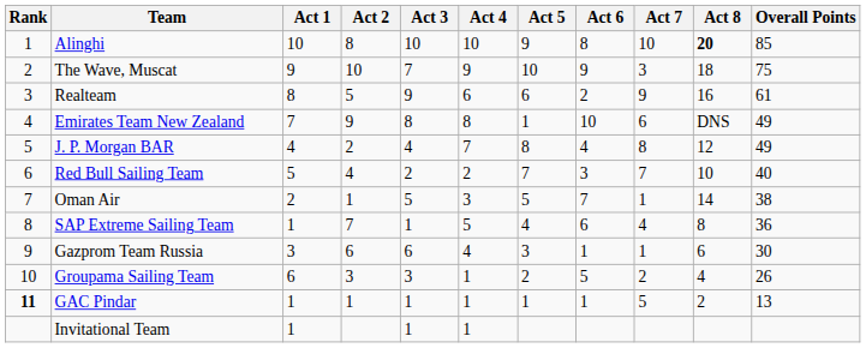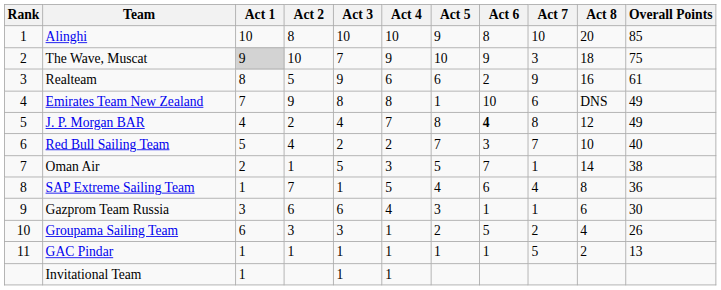 <table class="wikitable">
 <tr>
 <th>Rank</th>
 <th width=220>Team</th>
 <th width=50>Act 1</th>
 <th width=50>Act 2</th>
 <th width=50>Act 3</th>
 <th width=50>Act 4</th>
 <th width=50>Act 5</th>
 <th width=50>Act 6</th>
 <th width=50>Act 7</th>
 <th width=50>Act 8</th>
 <th>Overall Points</th>
 </tr>
 <tr>
 <td align="center">1</td>
 <td> <a href='#'>Alinghi</a></td>
 <td>10</td>
 <td>8</td>
 <td>10</td>
 <td>10</td>
 <td>9</td>
 <td>8</td>
 <td>10</td>
-<td><strong>20</strong></td>
+<td>20</td>
 <td>85</td>
 </tr>
 <tr>
 <td align="center">2</td>
 <td> The Wave, Muscat</td>
-<td>9</td>
+<td style="background: lightgrey;">9</td>
 <td>10</td>
 <td>7</td>
 <td>9</td>
 <td>10</td>
 <td>9</td>
 <td>3</td>
 <td>18</td>
 <td>75</td>
 </tr>
 <tr>
 <td align="center">3</td>
 <td> Realteam</td>
 <td>8</td>
 <td>5</td>
 <td>9</td>
 <td>6</td>
 <td>6</td>
 <td>2</td>
 <td>9</td>
 <td>16</td>
 <td>61</td>
 </tr>
 <tr>
 <td align="center">4</td>
 <td> <a href='#'>Emirates Team New Zealand</a></td>
 <td>7</td>
 <td>9</td>
 <td>8</td>
 <td>8</td>
 <td>1</td>
 <td>10</td>
 <td>6</td>
 <td>DNS</td>
 <td>49</td>
 </tr>
 <tr>
 <td align="center">5</td>
 <td> <a href='#'>J. P. Morgan BAR</a></td>
 <td>4</td>
 <td>2</td>
 <td>4</td>
 <td>7</td>
 <td>8</td>
-<td>4</td>
+<td><strong>4</strong></td>
 <td>8</td>
 <td>12</td>
 <td>49</td>
 </tr>
 <tr>
 <td align="center">6</td>
 <td> <a href='#'>Red Bull Sailing Team</a></td>
 <td>5</td>
 <td>4</td>
 <td>2</td>
 <td>2</td>
 <td>7</td>
 <td>3</td>
 <td>7</td>
 <td>10</td>
 <td>40</td>
 </tr>
 <tr>
 <td align="center">7</td>
 <td> Oman Air</td>
 <td>2</td>
 <td>1</td>
 <td>5</td>
 <td>3</td>
 <td>5</td>
 <td>7</td>
 <td>1</td>
 <td>14</td>
 <td>38</td>
 </tr>
 <tr>
 <td align="center">8</td>
 <td> <a href='#'>SAP Extreme Sailing Team</a></td>
 <td>1</td>
 <td>7</td>
 <td>1</td>
 <td>5</td>
 <td>4</td>
 <td>6</td>
 <td>4</td>
 <td>8</td>
 <td>36</td>
 </tr>
 <tr>
 <td align="center">9</td>
 <td> Gazprom Team Russia</td>
 <td>3</td>
 <td>6</td>
 <td>6</td>
 <td>4</td>
 <td>3</td>
 <td>1</td>
 <td>1</td>
 <td>6</td>
 <td>30</td>
 </tr>
 <tr>
 <td align="center">10</td>
 <td> <a href='#'>Groupama Sailing Team</a></td>
 <td>6</td>
 <td>3</td>
 <td>3</td>
 <td>1</td>
 <td>2</td>
 <td>5</td>
 <td>2</td>
 <td>4</td>
 <td>26</td>
 </tr>
 <tr>
-<td align="center"><strong>11</strong></td>
+<td align="center">11</td>
 <td> <a href='#'>GAC Pindar</a></td>
 <td>1</td>
 <td>1</td>
 <td>1</td>
 <td>1</td>
 <td>1</td>
 <td>1</td>
 <td>5</td>
 <td>2</td>
 <td>13</td>
 </tr>
 <tr>
 <td align="center"></td>
 <td> Invitational Team</td>
 <td>1 </td>
 <td> </td>
 <td>1 </td>
 <td>1 </td>
 <td></td>
 <td></td>
 <td></td>
 <td></td>
 </tr>
 </table>
